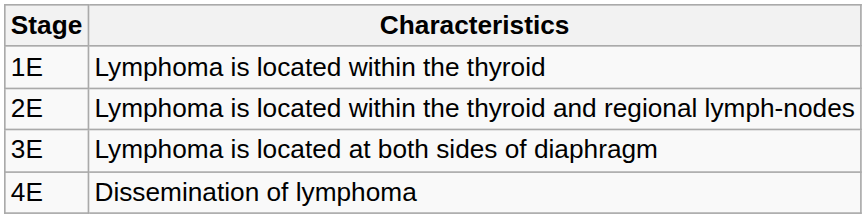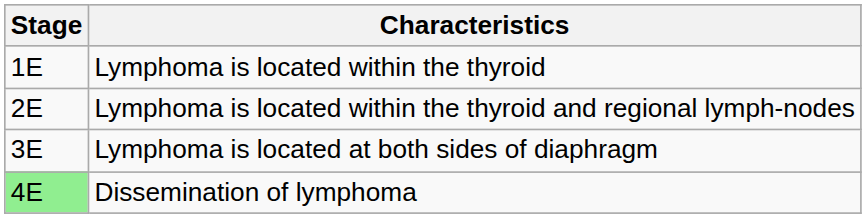 <table class="wikitable">
 <tr>
 <th>Stage</th>
 <th>Characteristics</th>
 </tr>
 <tr>
 <td>1Е</td>
 <td>Lymphoma is located within the thyroid</td>
 </tr>
 <tr>
 <td>2Е</td>
 <td>Lymphoma is located within the thyroid and regional  lymph-nodes</td>
 </tr>
 <tr>
 <td>3Е</td>
 <td>Lymphoma is located at both sides of diaphragm</td>
 </tr>
 <tr>
-<td>4Е</td>
+<td style="background: lightgreen;">4Е</td>
 <td>Dissemination of lymphoma</td>
 </tr>
 </table>
